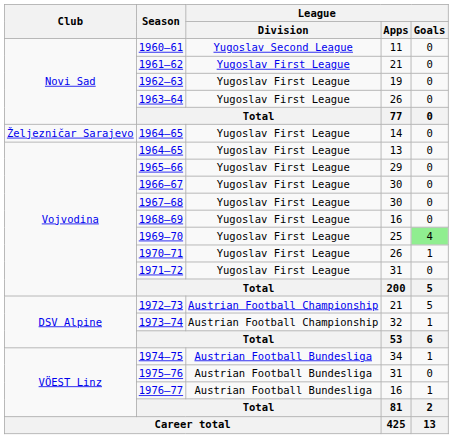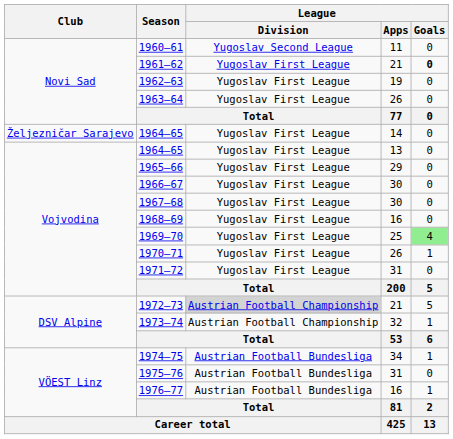 <table class="wikitable" style="text-align:center">
 <tr>
 <th rowspan="2">Club</th>
 <th rowspan="2">Season</th>
 <th colspan="3">League</th>
 </tr>
 <tr>
 <th>Division</th>
 <th>Apps</th>
 <th>Goals</th>
 </tr>
 <tr>
 <td rowspan="5"><a href='#'>Novi Sad</a></td>
 <td><a href='#'>1960–61</a></td>
 <td><a href='#'>Yugoslav Second League</a></td>
 <td>11</td>
 <td>0</td>
 </tr>
 <tr>
 <td><a href='#'>1961–62</a></td>
 <td><a href='#'>Yugoslav First League</a></td>
 <td>21</td>
-<td>0</td>
+<td><strong>0</strong></td>
 </tr>
 <tr>
 <td><a href='#'>1962–63</a></td>
 <td>Yugoslav First League</td>
 <td>19</td>
 <td>0</td>
 </tr>
 <tr>
 <td><a href='#'>1963–64</a></td>
 <td>Yugoslav First League</td>
 <td>26</td>
 <td>0</td>
 </tr>
 <tr>
 <th colspan="2">Total</th>
 <th>77</th>
 <th>0</th>
 </tr>
 <tr>
 <td><a href='#'>Željezničar Sarajevo</a></td>
 <td><a href='#'>1964–65</a></td>
 <td>Yugoslav First League</td>
 <td>14</td>
 <td>0</td>
 </tr>
 <tr>
 <td rowspan="9"><a href='#'>Vojvodina</a></td>
 <td><a href='#'>1964–65</a></td>
 <td>Yugoslav First League</td>
 <td>13</td>
 <td>0</td>
 </tr>
 <tr>
 <td><a href='#'>1965–66</a></td>
 <td>Yugoslav First League</td>
 <td>29</td>
 <td>0</td>
 </tr>
 <tr>
 <td><a href='#'>1966–67</a></td>
 <td>Yugoslav First League</td>
 <td>30</td>
 <td>0</td>
 </tr>
 <tr>
 <td><a href='#'>1967–68</a></td>
 <td>Yugoslav First League</td>
 <td>30</td>
 <td>0</td>
 </tr>
 <tr>
 <td><a href='#'>1968–69</a></td>
 <td>Yugoslav First League</td>
 <td>16</td>
 <td>0</td>
 </tr>
 <tr>
 <td><a href='#'>1969–70</a></td>
 <td>Yugoslav First League</td>
 <td>25</td>
 <td style="background: lightgreen;">4</td>
 </tr>
 <tr>
 <td><a href='#'>1970–71</a></td>
 <td>Yugoslav First League</td>
 <td>26</td>
 <td>1</td>
 </tr>
 <tr>
 <td><a href='#'>1971–72</a></td>
 <td>Yugoslav First League</td>
 <td>31</td>
 <td>0</td>
 </tr>
 <tr>
 <th colspan="2">Total</th>
 <th>200</th>
 <th>5</th>
 </tr>
 <tr>
 <td rowspan="3"><a href='#'>DSV Alpine</a></td>
 <td><a href='#'>1972–73</a></td>
-<td><a href='#'>Austrian Football Championship</a></td>
+<td style="background: lightgrey;"><a href='#'>Austrian Football Championship</a></td>
 <td>21</td>
 <td>5</td>
 </tr>
 <tr>
 <td><a href='#'>1973–74</a></td>
 <td>Austrian Football Championship</td>
 <td>32</td>
 <td>1</td>
 </tr>
 <tr>
 <th colspan="2">Total</th>
 <th>53</th>
 <th>6</th>
 </tr>
 <tr>
 <td rowspan="4"><a href='#'>VÖEST Linz</a></td>
 <td><a href='#'>1974–75</a></td>
 <td><a href='#'>Austrian Football Bundesliga</a></td>
 <td>34</td>
 <td>1</td>
 </tr>
 <tr>
 <td><a href='#'>1975–76</a></td>
 <td>Austrian Football Bundesliga</td>
 <td>31</td>
 <td>0</td>
 </tr>
 <tr>
 <td><a href='#'>1976–77</a></td>
 <td>Austrian Football Bundesliga</td>
 <td>16</td>
 <td>1</td>
 </tr>
 <tr>
 <th colspan="2">Total</th>
 <th>81</th>
 <th>2</th>
 </tr>
 <tr>
 <th colspan="3">Career total</th>
 <th>425</th>
 <th>13</th>
 </tr>
 </table>
